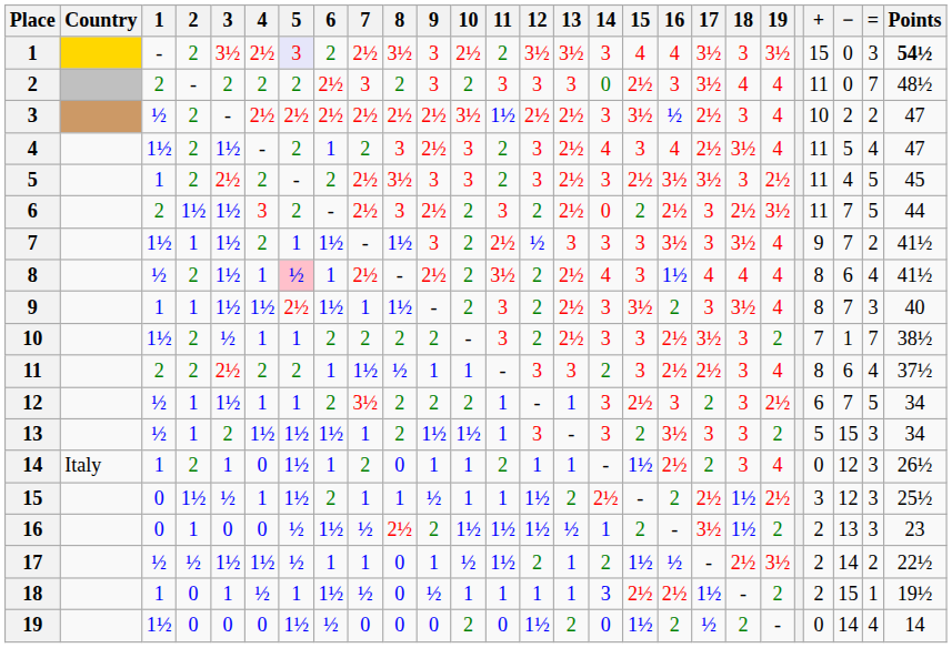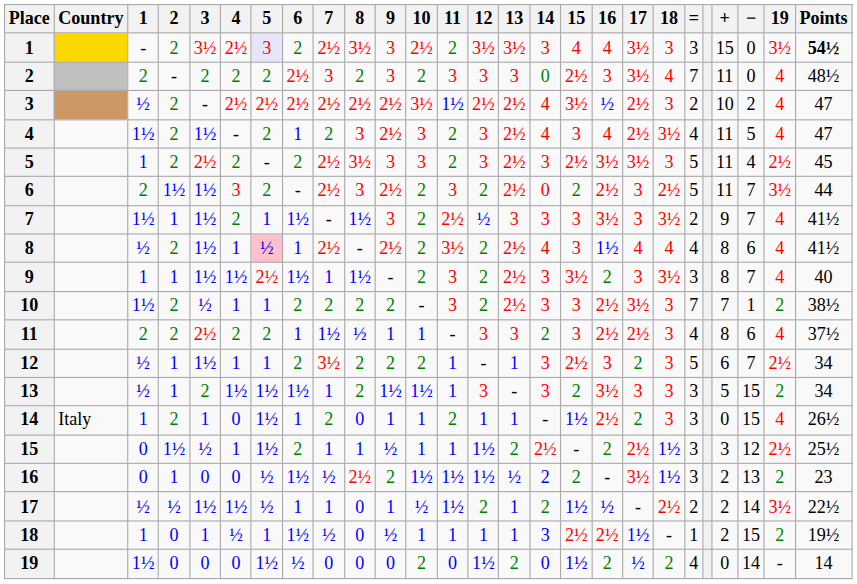 <table class="wikitable" style="text-align:center">
 <tr>
 <th>Place</th>
 <th>Country</th>
 <th>1</th>
 <th>2</th>
 <th>3</th>
 <th>4</th>
 <th>5</th>
 <th>6</th>
 <th>7</th>
 <th>8</th>
 <th>9</th>
 <th>10</th>
 <th>11</th>
 <th>12</th>
 <th>13</th>
 <th>14</th>
 <th>15</th>
 <th>16</th>
 <th>17</th>
 <th>18</th>
-<th>19</th>
+<th>=</th>
 <th></th>
 <th>+</th>
 <th>−</th>
-<th>=</th>
+<th>19</th>
 <th>Points</th>
 </tr>
 <tr>
 <th>1</th>
 <td align=left bgcolor="gold"></td>
 <td>-</td>
 <td style="color: green">2</td>
 <td style="color: red;">3½</td>
 <td style="color: red;">2½</td>
 <td style="background: lavender; color: red;">3</td>
 <td style="color: green">2</td>
 <td style="color: red;">2½</td>
 <td style="color: red;">3½</td>
 <td style="color: red;">3</td>
 <td style="color: red;">2½</td>
 <td style="color: green">2</td>
 <td style="color: red;">3½</td>
 <td style="color: red;">3½</td>
 <td style="color: red;">3</td>
 <td style="color: red;">4</td>
 <td style="color: red;">4</td>
 <td style="color: red;">3½</td>
 <td style="color: red;">3</td>
-<td style="color: red;">3½</td>
+<td>3</td>
 <th></th>
 <td>15</td>
 <td>0</td>
-<td>3</td>
+<td style="color: red;">3½</td>
 <td><strong>54½</strong></td>
 </tr>
 <tr>
 <th>2</th>
 <td align=left bgcolor="silver"></td>
 <td style="color: green">2</td>
 <td>-</td>
 <td style="color: green">2</td>
 <td style="color: green">2</td>
 <td style="color: green">2</td>
 <td style="color: red;">2½</td>
 <td style="color: red;">3</td>
 <td style="color: green">2</td>
 <td style="color: red;">3</td>
 <td style="color: green">2</td>
 <td style="color: red;">3</td>
 <td style="color: red;">3</td>
 <td style="color: red;">3</td>
 <td style="color: green">0</td>
 <td style="color: red;">2½</td>
 <td style="color: red;">3</td>
 <td style="color: red;">3½</td>
 <td style="color: red;">4</td>
-<td style="color: red;">4</td>
+<td>7</td>
 <th></th>
 <td>11</td>
 <td>0</td>
-<td>7</td>
+<td style="color: red;">4</td>
 <td>48½</td>
 </tr>
 <tr>
 <th>3</th>
 <td align=left bgcolor="CC9966"></td>
 <td style="color: blue;">½</td>
 <td style="color: green">2</td>
 <td>-</td>
 <td style="color: red;">2½</td>
 <td style="color: red;">2½</td>
 <td style="color: red;">2½</td>
 <td style="color: red;">2½</td>
 <td style="color: red;">2½</td>
 <td style="color: red;">2½</td>
 <td style="color: red;">3½</td>
 <td style="color: blue;">1½</td>
 <td style="color: red;">2½</td>
 <td style="color: red;">2½</td>
-<td style="color: red;">3</td>
+<td style="color: red;">4</td>
 <td style="color: red;">3½</td>
 <td style="color: blue;">½</td>
 <td style="color: red;">2½</td>
 <td style="color: red;">3</td>
-<td style="color: red;">4</td>
+<td>2</td>
 <th></th>
 <td>10</td>
 <td>2</td>
-<td>2</td>
+<td style="color: red;">4</td>
 <td>47</td>
 </tr>
 <tr>
 <th>4</th>
 <td align=left></td>
 <td style="color: blue;">1½</td>
 <td style="color: green">2</td>
 <td style="color: blue;">1½</td>
 <td>-</td>
 <td style="color: green">2</td>
 <td style="color: blue;">1</td>
 <td style="color: green">2</td>
 <td style="color: red;">3</td>
 <td style="color: red;">2½</td>
 <td style="color: red;">3</td>
 <td style="color: green">2</td>
 <td style="color: red;">3</td>
 <td style="color: red;">2½</td>
 <td style="color: red;">4</td>
 <td style="color: red;">3</td>
 <td style="color: red;">4</td>
 <td style="color: red;">2½</td>
 <td style="color: red;">3½</td>
-<td style="color: red;">4</td>
+<td>4</td>
 <th></th>
 <td>11</td>
 <td>5</td>
-<td>4</td>
+<td style="color: red;">4</td>
 <td>47</td>
 </tr>
 <tr>
 <th>5</th>
 <td align=left></td>
 <td style="color: blue;">1</td>
 <td style="color: green">2</td>
 <td style="color: red;">2½</td>
 <td style="color: green">2</td>
 <td>-</td>
 <td style="color: green">2</td>
 <td style="color: red;">2½</td>
 <td style="color: red;">3½</td>
 <td style="color: red;">3</td>
 <td style="color: red;">3</td>
 <td style="color: green">2</td>
 <td style="color: red;">3</td>
 <td style="color: red;">2½</td>
 <td style="color: red;">3</td>
 <td style="color: red;">2½</td>
 <td style="color: red;">3½</td>
 <td style="color: red;">3½</td>
 <td style="color: red;">3</td>
-<td style="color: red;">2½</td>
+<td>5</td>
 <th></th>
 <td>11</td>
 <td>4</td>
-<td>5</td>
+<td style="color: red;">2½</td>
 <td>45</td>
 </tr>
 <tr>
 <th>6</th>
 <td align=left></td>
 <td style="color: green">2</td>
 <td style="color: blue;">1½</td>
 <td style="color: blue;">1½</td>
 <td style="color: red;">3</td>
 <td style="color: green">2</td>
 <td>-</td>
 <td style="color: red;">2½</td>
 <td style="color: red;">3</td>
 <td style="color: red;">2½</td>
 <td style="color: green">2</td>
 <td style="color: red;">3</td>
 <td style="color: green">2</td>
 <td style="color: red;">2½</td>
 <td style="color: red;">0</td>
 <td style="color: green">2</td>
 <td style="color: red;">2½</td>
 <td style="color: red;">3</td>
 <td style="color: red;">2½</td>
-<td style="color: red;">3½</td>
+<td>5</td>
 <th></th>
 <td>11</td>
 <td>7</td>
-<td>5</td>
+<td style="color: red;">3½</td>
 <td>44</td>
 </tr>
 <tr>
 <th>7</th>
 <td align=left></td>
 <td style="color: blue;">1½</td>
 <td style="color: blue;">1</td>
 <td style="color: blue;">1½</td>
 <td style="color: green">2</td>
 <td style="color: blue;">1</td>
 <td style="color: blue;">1½</td>
 <td>-</td>
 <td style="color: blue;">1½</td>
 <td style="color: red;">3</td>
 <td style="color: green">2</td>
 <td style="color: red;">2½</td>
 <td style="color: blue;">½</td>
 <td style="color: red;">3</td>
 <td style="color: red;">3</td>
 <td style="color: red;">3</td>
 <td style="color: red;">3½</td>
 <td style="color: red;">3</td>
 <td style="color: red;">3½</td>
-<td style="color: red;">4</td>
+<td>2</td>
 <th></th>
 <td>9</td>
 <td>7</td>
-<td>2</td>
+<td style="color: red;">4</td>
 <td>41½</td>
 </tr>
 <tr>
 <th>8</th>
 <td align=left></td>
 <td style="color: blue;">½</td>
 <td style="color: green">2</td>
 <td style="color: blue;">1½</td>
 <td style="color: blue;">1</td>
 <td style="background: pink; color: blue;">½</td>
 <td style="color: blue;">1</td>
 <td style="color: red;">2½</td>
 <td>-</td>
 <td style="color: red;">2½</td>
 <td style="color: green">2</td>
 <td style="color: red;">3½</td>
 <td style="color: green">2</td>
 <td style="color: red;">2½</td>
 <td style="color: red;">4</td>
 <td style="color: red;">3</td>
 <td style="color: blue;">1½</td>
 <td style="color: red;">4</td>
 <td style="color: red;">4</td>
-<td style="color: red;">4</td>
+<td>4</td>
 <th></th>
 <td>8</td>
 <td>6</td>
-<td>4</td>
+<td style="color: red;">4</td>
 <td>41½</td>
 </tr>
 <tr>
 <th>9</th>
 <td align=left></td>
 <td style="color: blue;">1</td>
 <td style="color: blue;">1</td>
 <td style="color: blue;">1½</td>
 <td style="color: blue;">1½</td>
 <td style="color: red;">2½</td>
 <td style="color: blue;">1½</td>
 <td style="color: blue;">1</td>
 <td style="color: blue;">1½</td>
 <td>-</td>
 <td style="color: green">2</td>
 <td style="color: red;">3</td>
 <td style="color: green">2</td>
 <td style="color: red;">2½</td>
 <td style="color: red;">3</td>
 <td style="color: red;">3½</td>
 <td style="color: green">2</td>
 <td style="color: red;">3</td>
 <td style="color: red;">3½</td>
-<td style="color: red;">4</td>
+<td>3</td>
 <th></th>
 <td>8</td>
 <td>7</td>
-<td>3</td>
+<td style="color: red;">4</td>
 <td>40</td>
 </tr>
 <tr>
 <th>10</th>
 <td align=left></td>
 <td style="color: blue;">1½</td>
 <td style="color: green">2</td>
 <td style="color: blue;">½</td>
 <td style="color: blue;">1</td>
 <td style="color: blue;">1</td>
 <td style="color: green">2</td>
 <td style="color: green">2</td>
 <td style="color: green">2</td>
 <td style="color: green">2</td>
 <td>-</td>
 <td style="color: red;">3</td>
 <td style="color: green">2</td>
 <td style="color: red;">2½</td>
 <td style="color: red;">3</td>
 <td style="color: red;">3</td>
 <td style="color: red;">2½</td>
 <td style="color: red;">3½</td>
 <td style="color: red;">3</td>
-<td style="color: green">2</td>
+<td>7</td>
 <th></th>
 <td>7</td>
 <td>1</td>
-<td>7</td>
+<td style="color: green">2</td>
 <td>38½</td>
 </tr>
 <tr>
 <th>11</th>
 <td align=left></td>
 <td style="color: green">2</td>
 <td style="color: green">2</td>
 <td style="color: red;">2½</td>
 <td style="color: green">2</td>
 <td style="color: green">2</td>
 <td style="color: blue;">1</td>
 <td style="color: blue;">1½</td>
 <td style="color: blue;">½</td>
 <td style="color: blue;">1</td>
 <td style="color: blue;">1</td>
 <td>-</td>
 <td style="color: red;">3</td>
 <td style="color: red;">3</td>
 <td style="color: green">2</td>
 <td style="color: red;">3</td>
 <td style="color: red;">2½</td>
 <td style="color: red;">2½</td>
 <td style="color: red;">3</td>
-<td style="color: red;">4</td>
+<td>4</td>
 <th></th>
 <td>8</td>
 <td>6</td>
-<td>4</td>
+<td style="color: red;">4</td>
 <td>37½</td>
 </tr>
 <tr>
 <th>12</th>
 <td align=left></td>
 <td style="color: blue;">½</td>
 <td style="color: blue;">1</td>
 <td style="color: blue;">1½</td>
 <td style="color: blue;">1</td>
 <td style="color: blue;">1</td>
 <td style="color: green">2</td>
 <td style="color: red;">3½</td>
 <td style="color: green">2</td>
 <td style="color: green">2</td>
 <td style="color: green">2</td>
 <td style="color: blue;">1</td>
 <td>-</td>
 <td style="color: blue;">1</td>
 <td style="color: red;">3</td>
 <td style="color: red;">2½</td>
 <td style="color: red;">3</td>
 <td style="color: green">2</td>
 <td style="color: red;">3</td>
-<td style="color: red;">2½</td>
+<td>5</td>
 <th></th>
 <td>6</td>
 <td>7</td>
-<td>5</td>
+<td style="color: red;">2½</td>
 <td>34</td>
 </tr>
 <tr>
 <th>13</th>
 <td align=left></td>
 <td style="color: blue;">½</td>
 <td style="color: blue;">1</td>
 <td style="color: green">2</td>
 <td style="color: blue;">1½</td>
 <td style="color: blue;">1½</td>
 <td style="color: blue;">1½</td>
 <td style="color: blue;">1</td>
 <td style="color: green">2</td>
 <td style="color: blue;">1½</td>
 <td style="color: blue;">1½</td>
 <td style="color: blue;">1</td>
 <td style="color: red;">3</td>
 <td>-</td>
 <td style="color: red;">3</td>
 <td style="color: green">2</td>
 <td style="color: red;">3½</td>
 <td style="color: red;">3</td>
 <td style="color: red;">3</td>
-<td style="color: green">2</td>
+<td>3</td>
 <th></th>
 <td>5</td>
 <td>15</td>
-<td>3</td>
+<td style="color: green">2</td>
 <td>34</td>
 </tr>
 <tr>
 <th>14</th>
 <td align=left> Italy</td>
 <td style="color: blue;">1</td>
 <td style="color: green">2</td>
 <td style="color: blue;">1</td>
 <td style="color: blue;">0</td>
 <td style="color: blue;">1½</td>
 <td style="color: blue;">1</td>
 <td style="color: green">2</td>
 <td style="color: blue;">0</td>
 <td style="color: blue;">1</td>
 <td style="color: blue;">1</td>
 <td style="color: green">2</td>
 <td style="color: blue;">1</td>
 <td style="color: blue;">1</td>
 <td>-</td>
 <td style="color: blue;">1½</td>
 <td style="color: red;">2½</td>
 <td style="color: green">2</td>
 <td style="color: red;">3</td>
-<td style="color: red;">4</td>
+<td>3</td>
 <th></th>
 <td>0</td>
-<td>12</td>
-<td>3</td>
+<td>15</td>
+<td style="color: red;">4</td>
 <td>26½</td>
 </tr>
 <tr>
 <th>15</th>
 <td align=left></td>
 <td style="color: blue;">0</td>
 <td style="color: blue;">1½</td>
 <td style="color: blue;">½</td>
 <td style="color: blue;">1</td>
 <td style="color: blue;">1½</td>
 <td style="color: green">2</td>
 <td style="color: blue;">1</td>
 <td style="color: blue;">1</td>
 <td style="color: blue;">½</td>
 <td style="color: blue;">1</td>
 <td style="color: blue;">1</td>
 <td style="color: blue;">1½</td>
 <td style="color: green">2</td>
 <td style="color: red;">2½</td>
 <td>-</td>
 <td style="color: green">2</td>
 <td style="color: red;">2½</td>
 <td style="color: blue;">1½</td>
-<td style="color: red;">2½</td>
+<td>3</td>
 <th></th>
 <td>3</td>
 <td>12</td>
-<td>3</td>
+<td style="color: red;">2½</td>
 <td>25½</td>
 </tr>
 <tr>
 <th>16</th>
 <td align=left></td>
 <td style="color: blue;">0</td>
 <td style="color: blue;">1</td>
 <td style="color: blue;">0</td>
 <td style="color: blue;">0</td>
 <td style="color: blue;">½</td>
 <td style="color: blue;">1½</td>
 <td style="color: blue;">½</td>
 <td style="color: red;">2½</td>
 <td style="color: green">2</td>
 <td style="color: blue;">1½</td>
 <td style="color: blue;">1½</td>
 <td style="color: blue;">1½</td>
 <td style="color: blue;">½</td>
-<td style="color: blue;">1</td>
+<td style="color: blue;">2</td>
 <td style="color: green">2</td>
 <td>-</td>
 <td style="color: red;">3½</td>
 <td style="color: blue;">1½</td>
-<td style="color: green">2</td>
+<td>3</td>
 <th></th>
 <td>2</td>
 <td>13</td>
-<td>3</td>
+<td style="color: green">2</td>
 <td>23</td>
 </tr>
 <tr>
 <th>17</th>
 <td align=left></td>
 <td style="color: blue;">½</td>
 <td style="color: blue;">½</td>
 <td style="color: blue;">1½</td>
 <td style="color: blue;">1½</td>
 <td style="color: blue;">½</td>
 <td style="color: blue;">1</td>
 <td style="color: blue;">1</td>
 <td style="color: blue;">0</td>
 <td style="color: blue;">1</td>
 <td style="color: blue;">½</td>
 <td style="color: blue;">1½</td>
 <td style="color: green">2</td>
 <td style="color: blue;">1</td>
 <td style="color: green">2</td>
 <td style="color: blue;">1½</td>
 <td style="color: blue;">½</td>
 <td>-</td>
 <td style="color: red;">2½</td>
-<td style="color: red;">3½</td>
+<td>2</td>
 <th></th>
 <td>2</td>
 <td>14</td>
-<td>2</td>
+<td style="color: red;">3½</td>
 <td>22½</td>
 </tr>
 <tr>
 <th>18</th>
 <td align=left></td>
 <td style="color: blue;">1</td>
 <td style="color: blue;">0</td>
 <td style="color: blue;">1</td>
 <td style="color: blue;">½</td>
 <td style="color: blue;">1</td>
 <td style="color: blue;">1½</td>
 <td style="color: blue;">½</td>
 <td style="color: blue;">0</td>
 <td style="color: blue;">½</td>
 <td style="color: blue;">1</td>
 <td style="color: blue;">1</td>
 <td style="color: blue;">1</td>
 <td style="color: blue;">1</td>
 <td style="color: blue;">3</td>
 <td style="color: red;">2½</td>
 <td style="color: red;">2½</td>
 <td style="color: blue;">1½</td>
 <td>-</td>
-<td style="color: green">2</td>
+<td>1</td>
 <th></th>
 <td>2</td>
 <td>15</td>
-<td>1</td>
+<td style="color: green">2</td>
 <td>19½</td>
 </tr>
 <tr>
 <th>19</th>
 <td align=left></td>
 <td style="color: blue;">1½</td>
 <td style="color: blue;">0</td>
 <td style="color: blue;">0</td>
 <td style="color: blue;">0</td>
 <td style="color: blue;">1½</td>
 <td style="color: blue;">½</td>
 <td style="color: blue;">0</td>
 <td style="color: blue;">0</td>
 <td style="color: blue;">0</td>
 <td style="color: green">2</td>
 <td style="color: blue;">0</td>
 <td style="color: blue;">1½</td>
 <td style="color: green">2</td>
 <td style="color: blue;">0</td>
 <td style="color: blue;">1½</td>
 <td style="color: green">2</td>
 <td style="color: blue;">½</td>
 <td style="color: green">2</td>
-<td>-</td>
+<td>4</td>
 <th></th>
 <td>0</td>
 <td>14</td>
-<td>4</td>
+<td>-</td>
 <td>14</td>
 </tr>
 </table>
